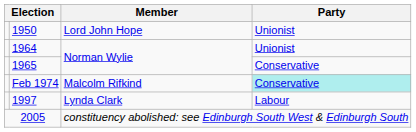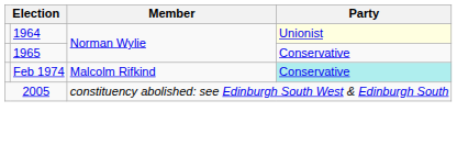 <table class="wikitable">
 <tr>
 <th colspan="2">Election</th>
 <th>Member</th>
 <th>Party</th>
 </tr>
 <tr>
 <td style="color:inherit;background-color: "></td>
-<td><a href='#'>1950</a></td>
-<td><a href='#'>Lord John Hope</a></td>
-<td><a href='#'>Unionist</a></td>
-</tr>
-<tr>
-<td style="color:inherit;background-color: "></td>
 <td><a href='#'>1964</a></td>
 <td rowspan="2"><a href='#'>Norman Wylie</a></td>
-<td><a href='#'>Unionist</a></td>
+<td style="background: lightyellow;"><a href='#'>Unionist</a></td>
 </tr>
 <tr>
 <td style="color:inherit;background-color: "></td>
 <td><a href='#'>1965</a></td>
 <td><a href='#'>Conservative</a></td>
 </tr>
 <tr>
 <td style="color:inherit;background-color: "></td>
 <td><a href='#'>Feb 1974</a></td>
 <td><a href='#'>Malcolm Rifkind</a></td>
 <td style="background: paleturquoise;"><a href='#'>Conservative</a></td>
 </tr>
 <tr>
-<td style="color:inherit;background-color: "></td>
-<td><a href='#'>1997</a></td>
-<td><a href='#'>Lynda Clark</a></td>
-<td><a href='#'>Labour</a></td>
-</tr>
-<tr>
 <td colspan="2" align="center"><a href='#'>2005</a></td>
 <td colspan="2"><em>constituency abolished: see <a href='#'>Edinburgh South West</a> & <a href='#'>Edinburgh South</a></em></td>
 </tr>
 </table>
